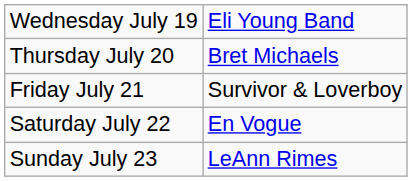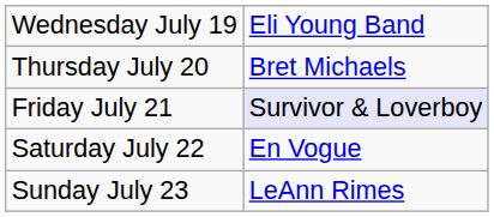 <table class="wikitable">
 <tr>
 <td>Wednesday July 19</td>
 <td><a href='#'>Eli Young Band</a></td>
 </tr>
 <tr>
 <td>Thursday July 20</td>
 <td><a href='#'>Bret Michaels</a></td>
 </tr>
 <tr>
 <td>Friday July 21</td>
-<td>Survivor & Loverboy</td>
+<td style="background: lavender;">Survivor & Loverboy</td>
 </tr>
 <tr>
 <td>Saturday July 22</td>
 <td><a href='#'>En Vogue</a></td>
 </tr>
 <tr>
 <td>Sunday July 23</td>
 <td><a href='#'>LeAnn Rimes</a></td>
 </tr>
 </table>
